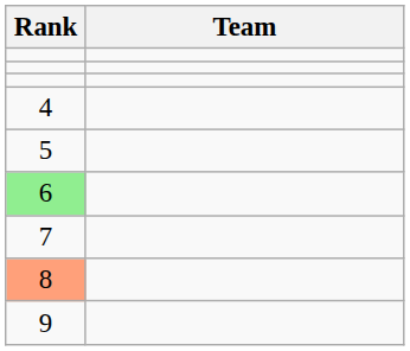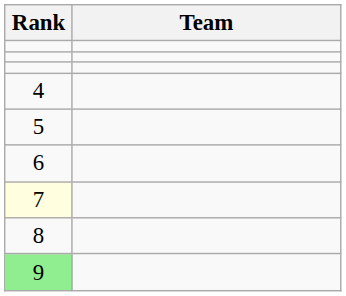 <table class="wikitable">
 <tr>
 <th width=40>Rank</th>
 <th width=180>Team</th>
 </tr>
 <tr>
 <td align=center></td>
 <td></td>
 </tr>
 <tr>
 <td align=center></td>
 <td></td>
 </tr>
 <tr>
 <td align=center></td>
 <td></td>
 </tr>
 <tr>
 <td align=center>4</td>
 <td></td>
 </tr>
 <tr>
 <td align=center>5</td>
 <td></td>
 </tr>
 <tr>
-<td align=center style="background: lightgreen;">6</td>
+<td align=center>6</td>
 <td></td>
 </tr>
 <tr>
-<td align=center>7</td>
+<td align=center style="background: lightyellow;">7</td>
 <td></td>
 </tr>
 <tr>
-<td align=center style="background: lightsalmon;">8</td>
+<td align=center>8</td>
 <td></td>
 </tr>
 <tr>
-<td align=center>9</td>
+<td align=center style="background: lightgreen;">9</td>
 <td></td>
 </tr>
 </table>
